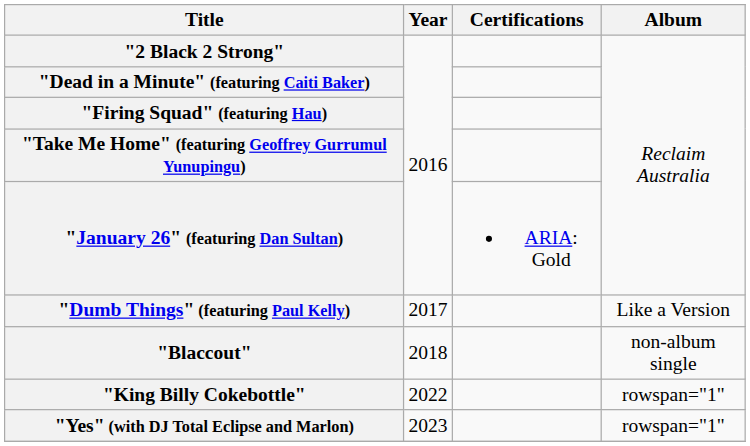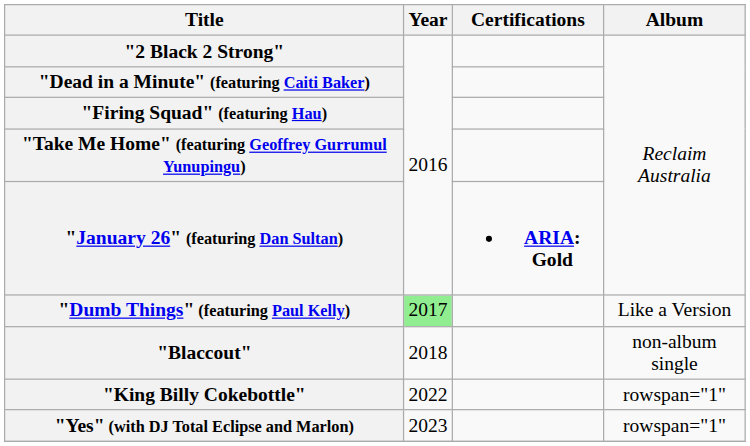 <table class="wikitable plainrowheaders" style="text-align:center;">
 <tr>
 <th scope="col" rowspan="1" style="width:20em;">Title</th>
 <th scope="col" rowspan="1" style="width:1em;">Year</th>
 <th scope="col" rowspan="1">Certifications</th>
 <th scope="col" rowspan="1">Album</th>
 </tr>
 <tr>
 <th scope="row">"2 Black 2 Strong"</th>
 <td rowspan="5">2016</td>
 <td></td>
 <td rowspan="5"><em>Reclaim Australia</em></td>
 </tr>
 <tr>
 <th scope="row">"Dead in a Minute" <small> (featuring <a href='#'>Caiti Baker</a>)</small></th>
 <td></td>
 </tr>
 <tr>
 <th scope="row">"Firing Squad" <small> (featuring <a href='#'>Hau</a>)</small></th>
 <td></td>
 </tr>
 <tr>
 <th scope="row">"Take Me Home" <small> (featuring <a href='#'>Geoffrey Gurrumul Yunupingu</a>)</small></th>
 <td></td>
 </tr>
 <tr>
 <th scope="row">"<a href='#'>January 26</a>" <small> (featuring <a href='#'>Dan Sultan</a>)</small></th>
-<td><br><ul><li><a href='#'>ARIA</a>: Gold</li></ul></td>
+<td><strong><br><ul><li><a href='#'>ARIA</a>: Gold</li></ul></strong></td>
 </tr>
 <tr>
 <th scope="row">"<a href='#'>Dumb Things</a>"<small> (featuring <a href='#'>Paul Kelly</a>)</small></th>
-<td rowspan="1">2017</td>
+<td rowspan="1" style="background: lightgreen;">2017</td>
 <td></td>
 <td rowspan="1">Like a Version</td>
 </tr>
 <tr>
 <th scope="row">"Blaccout"</th>
 <td rowspan="1">2018</td>
 <td></td>
 <td rowspan="1">non-album single</td>
 </tr>
 <tr>
 <th scope="row">"King Billy Cokebottle"</th>
 <td rowspan="1">2022</td>
 <td></td>
 <td>rowspan="1" </td>
 </tr>
 <tr>
 <th scope="row">"Yes"<small> (with DJ Total Eclipse and Marlon)</small></th>
 <td rowspan="1">2023</td>
 <td></td>
 <td>rowspan="1" </td>
 </tr>
 <tr>
 </tr>
 </table>
